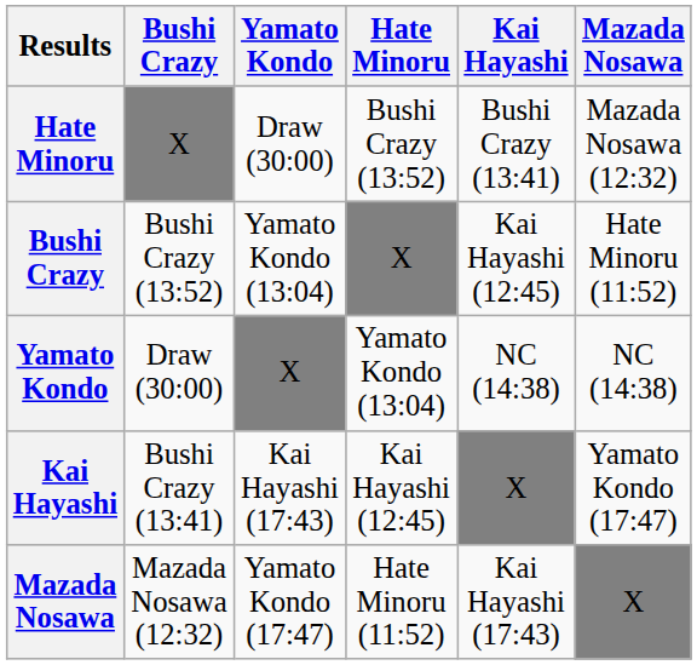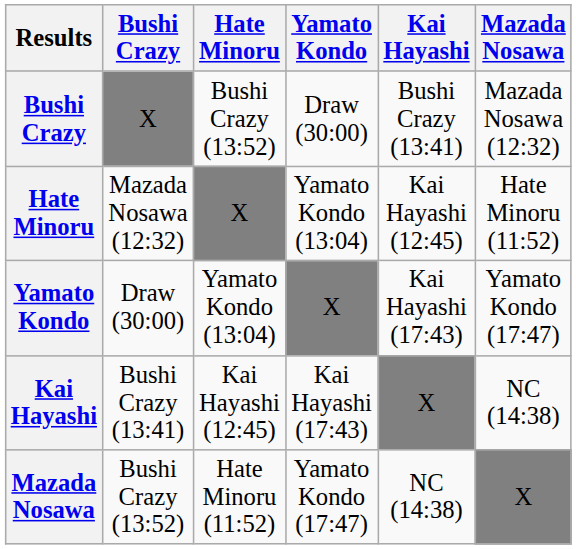 <table class="wikitable" style="text-align:center; margin: 1em auto 1em auto">
 <tr>
 <th>Results</th>
 <th><a href='#'>Bushi</a><br><a href='#'>Crazy</a></th>
+<th><a href='#'>Hate</a><br><a href='#'>Minoru</a></th>
 <th><a href='#'>Yamato</a><br><a href='#'>Kondo</a></th>
-<th><a href='#'>Hate</a><br><a href='#'>Minoru</a></th>
 <th><a href='#'>Kai</a><br><a href='#'>Hayashi</a></th>
 <th><a href='#'>Mazada</a><br><a href='#'>Nosawa</a></th>
 </tr>
 <tr>
-<th><a href='#'>Hate</a><br><a href='#'>Minoru</a></th>
+<th><a href='#'>Bushi</a><br><a href='#'>Crazy</a></th>
 <td bgcolor=grey>X</td>
+<td>Bushi<br>Crazy<br>(13:52)</td>
 <td>Draw<br>(30:00)</td>
-<td>Bushi<br>Crazy<br>(13:52)</td>
 <td>Bushi<br>Crazy<br>(13:41)</td>
 <td>Mazada<br>Nosawa<br>(12:32)</td>
 </tr>
 <tr>
-<th><a href='#'>Bushi</a><br><a href='#'>Crazy</a></th>
-<td>Bushi<br>Crazy<br>(13:52)</td>
+<th><a href='#'>Hate</a><br><a href='#'>Minoru</a></th>
+<td>Mazada<br>Nosawa<br>(12:32)</td>
+<td bgcolor=grey>X</td>
 <td>Yamato<br>Kondo<br>(13:04)</td>
-<td bgcolor=grey>X</td>
 <td>Kai<br>Hayashi<br>(12:45)</td>
 <td>Hate<br>Minoru<br>(11:52)</td>
 </tr>
 <tr>
 <th><a href='#'>Yamato</a><br><a href='#'>Kondo</a></th>
 <td>Draw<br>(30:00)</td>
+<td>Yamato<br>Kondo<br>(13:04)</td>
 <td bgcolor=grey>X</td>
-<td>Yamato<br>Kondo<br>(13:04)</td>
-<td>NC<br>(14:38)</td>
-<td>NC<br>(14:38)</td>
+<td>Kai<br>Hayashi<br>(17:43)</td>
+<td>Yamato<br>Kondo<br>(17:47)</td>
 </tr>
 <tr>
 <th><a href='#'>Kai</a><br><a href='#'>Hayashi</a></th>
 <td>Bushi<br>Crazy<br>(13:41)</td>
+<td>Kai<br>Hayashi<br>(12:45)</td>
 <td>Kai<br>Hayashi<br>(17:43)</td>
-<td>Kai<br>Hayashi<br>(12:45)</td>
 <td bgcolor=grey>X</td>
-<td>Yamato<br>Kondo<br>(17:47)</td>
+<td>NC<br>(14:38)</td>
 </tr>
 <tr>
 <th><a href='#'>Mazada</a><br><a href='#'>Nosawa</a></th>
-<td>Mazada<br>Nosawa<br>(12:32)</td>
+<td>Bushi<br>Crazy<br>(13:52)</td>
+<td>Hate<br>Minoru<br>(11:52)</td>
 <td>Yamato<br>Kondo<br>(17:47)</td>
-<td>Hate<br>Minoru<br>(11:52)</td>
-<td>Kai<br>Hayashi<br>(17:43)</td>
+<td>NC<br>(14:38)</td>
 <td bgcolor=grey>X</td>
 </tr>
 </table>
